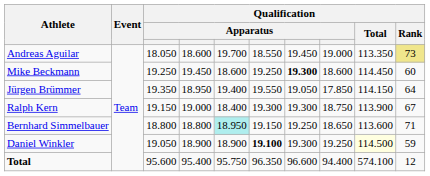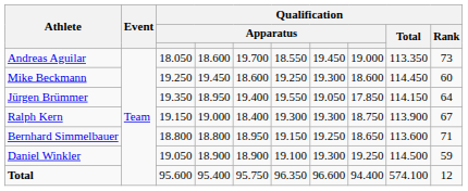 <table class="wikitable" style="font-size:90%">
 <tr>
 <th rowspan=3>Athlete</th>
 <th rowspan=3>Event</th>
 <th colspan =8>Qualification</th>
 </tr>
 <tr style="font-size:95%">
 <th colspan=6>Apparatus</th>
 <th rowspan=2>Total</th>
 <th rowspan=2>Rank</th>
 </tr>
 <tr style="font-size:95%">
 <th></th>
 <th></th>
 <th></th>
 <th></th>
 <th></th>
 <th></th>
 </tr>
 <tr align=center>
 <td align=left><a href='#'>Andreas Aguilar</a></td>
 <td align=left rowspan=7><a href='#'>Team</a></td>
 <td>18.050</td>
 <td>18.600</td>
 <td>19.700</td>
 <td>18.550</td>
 <td>19.450</td>
 <td>19.000</td>
 <td>113.350</td>
-<td style="background: khaki;">73</td>
+<td>73</td>
 </tr>
 <tr align=center>
 <td align=left><a href='#'>Mike Beckmann</a></td>
 <td>19.250</td>
 <td>19.450</td>
 <td>18.600</td>
 <td>19.250</td>
-<td><strong>19.300</strong></td>
+<td>19.300</td>
 <td>18.600</td>
 <td>114.450</td>
 <td>60</td>
 </tr>
 <tr align=center>
 <td align=left><a href='#'>Jürgen Brümmer</a></td>
 <td>19.350</td>
 <td>18.950</td>
 <td>19.400</td>
 <td>19.550</td>
 <td>19.050</td>
 <td>17.850</td>
 <td>114.150</td>
 <td>64</td>
 </tr>
 <tr align=center>
 <td align=left><a href='#'>Ralph Kern</a></td>
 <td>19.150</td>
 <td>19.000</td>
 <td>18.400</td>
 <td>19.300</td>
 <td>19.300</td>
 <td>18.750</td>
 <td>113.900</td>
 <td>67</td>
 </tr>
 <tr align=center>
 <td align=left><a href='#'>Bernhard Simmelbauer</a></td>
 <td>18.800</td>
 <td>18.800</td>
-<td style="background: paleturquoise;">18.950</td>
+<td>18.950</td>
 <td>19.150</td>
 <td>19.250</td>
 <td>18.650</td>
 <td>113.600</td>
 <td>71</td>
 </tr>
 <tr align=center>
 <td align=left><a href='#'>Daniel Winkler</a></td>
 <td>19.050</td>
 <td>18.900</td>
 <td>18.900</td>
-<td><strong>19.100</strong></td>
+<td>19.100</td>
 <td>19.300</td>
 <td>19.250</td>
-<td style="background: lightyellow;">114.500</td>
+<td>114.500</td>
 <td>59</td>
 </tr>
 <tr align=center>
 <td align=left><strong>Total</strong></td>
 <td>95.600</td>
 <td>95.400</td>
 <td>95.750</td>
 <td>96.350</td>
 <td>96.600</td>
 <td>94.400</td>
 <td>574.100</td>
 <td>12</td>
 </tr>
 </table>
